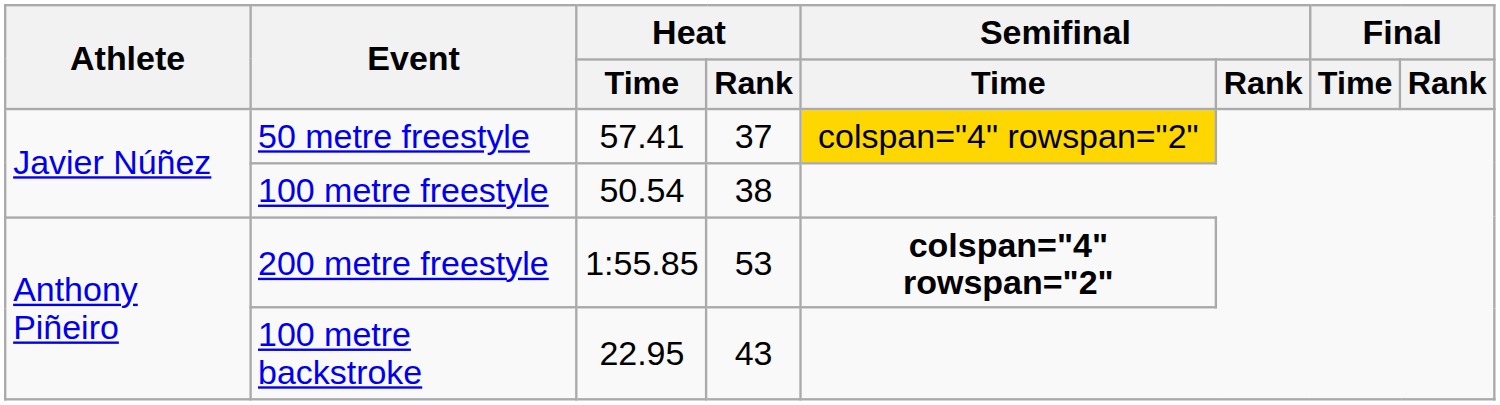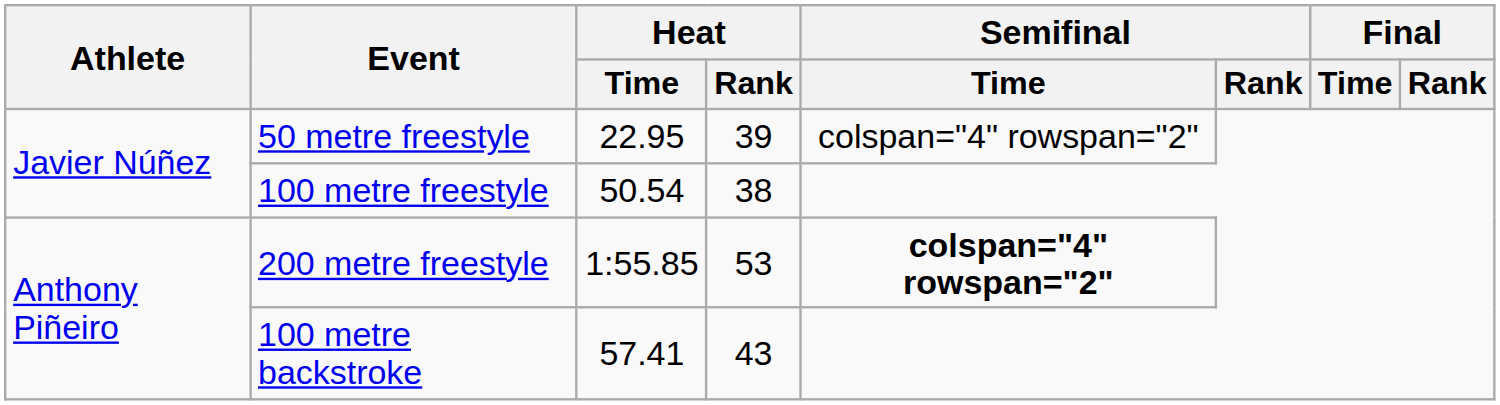 <table class="wikitable" style="text-align:center; font-size:90%; width:50%;">
 <tr>
 <th rowspan="2">Athlete</th>
 <th rowspan="2">Event</th>
 <th colspan="2">Heat</th>
 <th colspan="2">Semifinal</th>
 <th colspan="2">Final</th>
 </tr>
 <tr style="font-size:95%">
 <th>Time</th>
 <th>Rank</th>
 <th>Time</th>
 <th>Rank</th>
 <th>Time</th>
 <th>Rank</th>
 </tr>
 <tr align=center>
 <td align=left rowspan="2"><a href='#'>Javier Núñez</a></td>
 <td align=left><a href='#'>50 metre freestyle</a></td>
-<td>57.41</td>
-<td>37</td>
-<td style="background: gold;">colspan="4" rowspan="2" </td>
+<td>22.95</td>
+<td>39</td>
+<td>colspan="4" rowspan="2" </td>
 </tr>
 <tr align=center>
 <td align=left><a href='#'>100 metre freestyle</a></td>
 <td>50.54</td>
 <td>38</td>
 </tr>
 <tr align=center>
 <td align=left rowspan="2"><a href='#'>Anthony Piñeiro</a></td>
 <td align=left><a href='#'>200 metre freestyle</a></td>
 <td>1:55.85</td>
 <td>53</td>
 <td><strong>colspan="4" rowspan="2" </strong></td>
 </tr>
 <tr align=center>
 <td align=left><a href='#'>100 metre backstroke</a></td>
-<td>22.95</td>
+<td>57.41</td>
 <td>43</td>
 </tr>
 </table>
